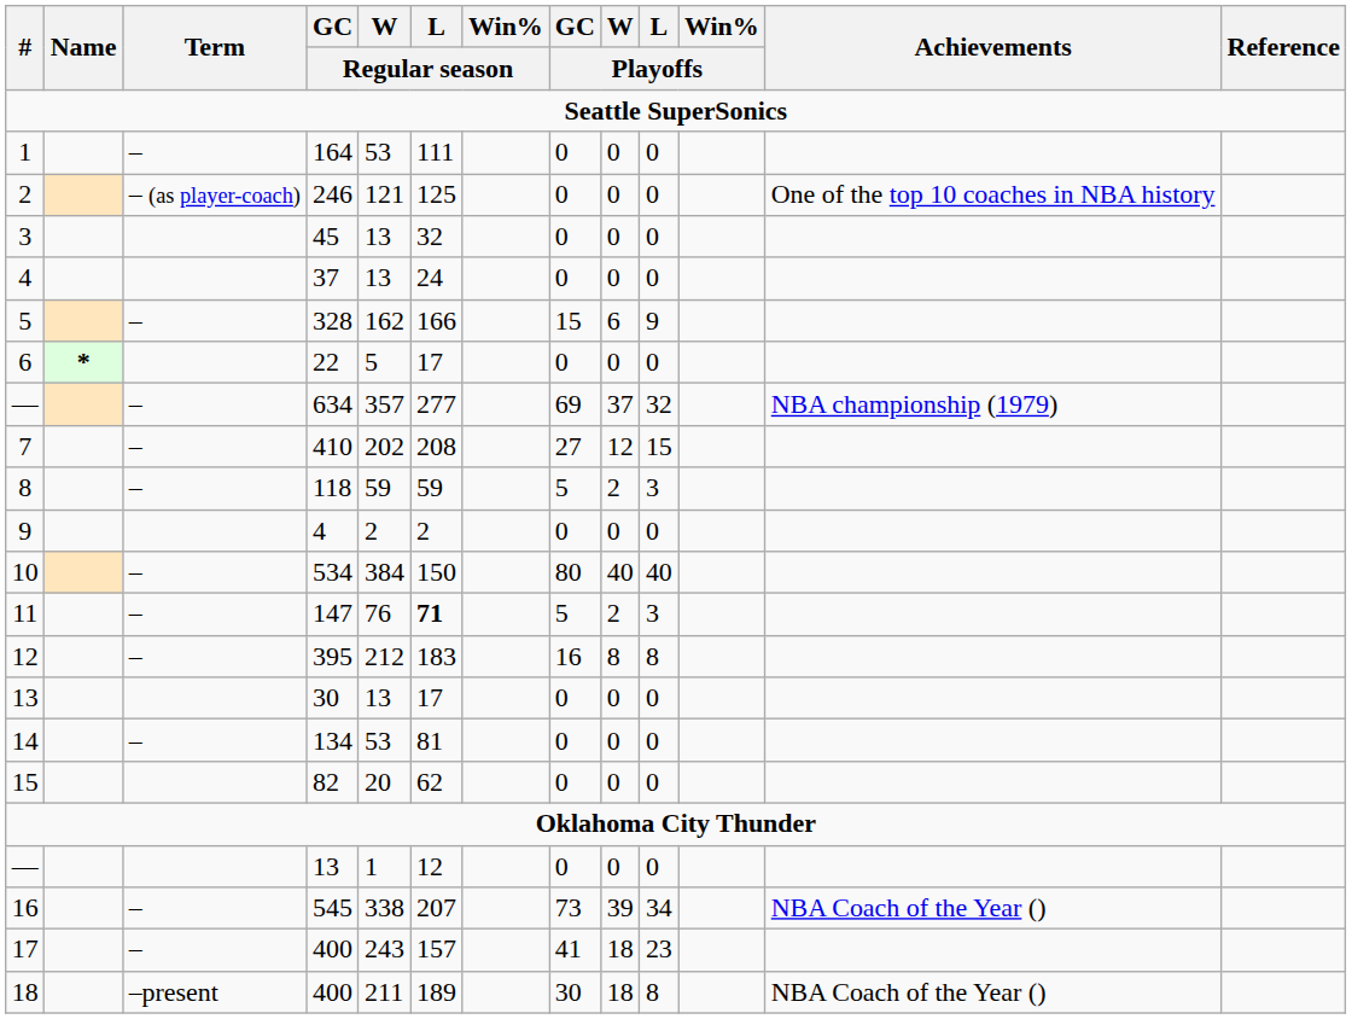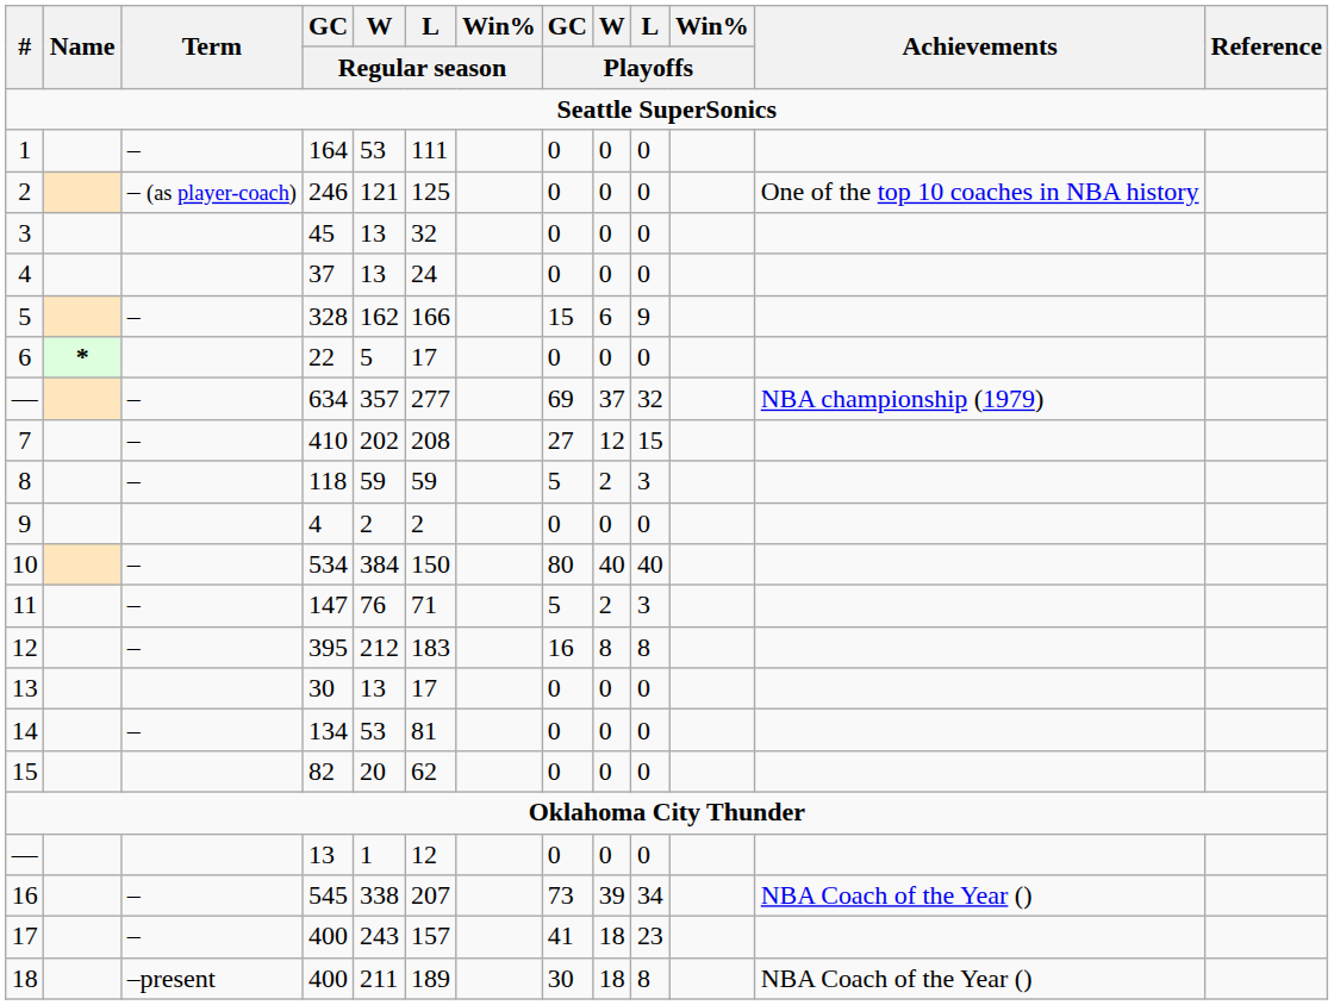 <table class="wikitable plainrowheaders sortable" summary="# (sortable), Name (sortable), Term (sortable), Regular season games coached (sortable), Regular season wins (sortable), Regular season losses (sortable), Regular season winning percentage (sortable), Playoffs games coached (sortable), Playoffs wins (sortable), Playoffs losses (sortable), Playoffs winning percentage (sortable), Achievements and Reference">
 <tr>
 <th scope="col" rowspan="2">#</th>
 <th scope="col" rowspan="2">Name</th>
 <th scope="col" rowspan="2">Term</th>
 <th scope="col">GC</th>
 <th scope="col">W</th>
 <th scope="col">L</th>
 <th scope="col">Win%</th>
 <th scope="col" data-sort-type="number">GC</th>
 <th scope="col" data-sort-type="number">W</th>
 <th scope="col" data-sort-type="number">L</th>
 <th scope="col" data-sort-type="number">Win%</th>
 <th scope="col" rowspan="2" class=unsortable>Achievements</th>
 <th scope="col" rowspan="2" class=unsortable>Reference</th>
 </tr>
 <tr class="unsortable">
 <th scope="col" colspan="4">Regular season</th>
 <th scope="col" colspan="4">Playoffs</th>
 </tr>
 <tr>
 <td align="center" colspan="16"><strong>Seattle SuperSonics</strong></td>
 </tr>
 <tr>
 <td align=center>1</td>
 <th scope="row" style="background-color:transparent;"></th>
 <td>–</td>
 <td>164</td>
 <td>53</td>
 <td>111</td>
 <td></td>
 <td>0</td>
 <td>0</td>
 <td>0</td>
 <td></td>
 <td></td>
 <td align=center></td>
 </tr>
 <tr>
 <td align=center>2</td>
 <th scope="row" style="background-color:#FFE6BD"></th>
 <td>– <small>(as <a href='#'>player-coach</a>)</small></td>
 <td>246</td>
 <td>121</td>
 <td>125</td>
 <td></td>
 <td>0</td>
 <td>0</td>
 <td>0</td>
 <td></td>
 <td>One of the <a href='#'>top 10 coaches in NBA history</a></td>
 <td align=center></td>
 </tr>
 <tr>
 <td align=center>3</td>
 <th scope="row" style="background-color:transparent;"></th>
 <td></td>
 <td>45</td>
 <td>13</td>
 <td>32</td>
 <td></td>
 <td>0</td>
 <td>0</td>
 <td>0</td>
 <td></td>
 <td></td>
 <td align=center></td>
 </tr>
 <tr>
 <td align=center>4</td>
 <th scope="row" style="background-color:transparent;"></th>
 <td></td>
 <td>37</td>
 <td>13</td>
 <td>24</td>
 <td></td>
 <td>0</td>
 <td>0</td>
 <td>0</td>
 <td></td>
 <td></td>
 <td align=center></td>
 </tr>
 <tr>
 <td align=center>5</td>
 <th scope="row" style="background-color:#FFE6BD"></th>
 <td>–</td>
 <td>328</td>
 <td>162</td>
 <td>166</td>
 <td></td>
 <td>15</td>
 <td>6</td>
 <td>9</td>
 <td></td>
 <td></td>
 <td align=center></td>
 </tr>
 <tr>
 <td align=center>6</td>
 <th scope="row" style="background-color:#ddffdd">*</th>
 <td></td>
 <td>22</td>
 <td>5</td>
 <td>17</td>
 <td></td>
 <td>0</td>
 <td>0</td>
 <td>0</td>
 <td></td>
 <td></td>
 <td align=center></td>
 </tr>
 <tr>
 <td align=center>—</td>
 <th scope="row" style="background-color:#FFE6BD"></th>
 <td>–</td>
 <td>634</td>
 <td>357</td>
 <td>277</td>
 <td></td>
 <td>69</td>
 <td>37</td>
 <td>32</td>
 <td></td>
 <td><a href='#'>NBA championship</a> (<a href='#'>1979</a>)</td>
 <td align=center></td>
 </tr>
 <tr>
 <td align=center>7</td>
 <th scope="row" style="background-color:transparent;"></th>
 <td>–</td>
 <td>410</td>
 <td>202</td>
 <td>208</td>
 <td></td>
 <td>27</td>
 <td>12</td>
 <td>15</td>
 <td></td>
 <td></td>
 <td align=center></td>
 </tr>
 <tr>
 <td align=center>8</td>
 <th scope="row" style="background-color:transparent;"></th>
 <td>–</td>
 <td>118</td>
 <td>59</td>
 <td>59</td>
 <td></td>
 <td>5</td>
 <td>2</td>
 <td>3</td>
 <td></td>
 <td></td>
 <td align=center></td>
 </tr>
 <tr>
 <td align=center>9</td>
 <th scope="row" style="background-color:transparent;"></th>
 <td></td>
 <td>4</td>
 <td>2</td>
 <td>2</td>
 <td></td>
 <td>0</td>
 <td>0</td>
 <td>0</td>
 <td></td>
 <td></td>
 <td align=center></td>
 </tr>
 <tr>
 <td align=center>10</td>
 <th scope="row" style="background-color:#FFE6BD"></th>
 <td>–</td>
 <td>534</td>
 <td>384</td>
 <td>150</td>
 <td></td>
 <td>80</td>
 <td>40</td>
 <td>40</td>
 <td></td>
 <td></td>
 <td align=center></td>
 </tr>
 <tr>
 <td align=center>11</td>
 <th scope="row" style="background-color:transparent;"></th>
 <td>–</td>
 <td>147</td>
 <td>76</td>
-<td><strong>71</strong></td>
+<td>71</td>
 <td></td>
 <td>5</td>
 <td>2</td>
 <td>3</td>
 <td></td>
 <td></td>
 <td align=center></td>
 </tr>
 <tr>
 <td align=center>12</td>
 <th scope="row" style="background-color:transparent;"></th>
 <td>–</td>
 <td>395</td>
 <td>212</td>
 <td>183</td>
 <td></td>
 <td>16</td>
 <td>8</td>
 <td>8</td>
 <td></td>
 <td></td>
 <td align=center></td>
 </tr>
 <tr>
 <td align=center>13</td>
 <th scope="row" style="background-color:transparent;"></th>
 <td></td>
 <td>30</td>
 <td>13</td>
 <td>17</td>
 <td></td>
 <td>0</td>
 <td>0</td>
 <td>0</td>
 <td></td>
 <td></td>
 <td align=center></td>
 </tr>
 <tr>
 <td align=center>14</td>
 <th scope="row" style="background-color:transparent;"></th>
 <td>–</td>
 <td>134</td>
 <td>53</td>
 <td>81</td>
 <td></td>
 <td>0</td>
 <td>0</td>
 <td>0</td>
 <td></td>
 <td></td>
 <td align=center></td>
 </tr>
 <tr>
 <td align=center>15</td>
 <th scope="row" style="background-color:transparent;"></th>
 <td></td>
 <td>82</td>
 <td>20</td>
 <td>62</td>
 <td></td>
 <td>0</td>
 <td>0</td>
 <td>0</td>
 <td></td>
 <td></td>
 <td align=center></td>
 </tr>
 <tr>
 <td align="center" colspan="16"><strong>Oklahoma City Thunder</strong></td>
 </tr>
 <tr>
 <td align=center>—</td>
 <th scope="row" style="background-color:transparent;"></th>
 <td></td>
 <td>13</td>
 <td>1</td>
 <td>12</td>
 <td></td>
 <td>0</td>
 <td>0</td>
 <td>0</td>
 <td></td>
 <td></td>
 <td align=center></td>
 </tr>
 <tr>
 <td align=center>16</td>
 <th scope="row" style="background-color:transparent;"></th>
 <td>–</td>
 <td>545</td>
 <td>338</td>
 <td>207</td>
 <td></td>
 <td>73</td>
 <td>39</td>
 <td>34</td>
 <td></td>
 <td><a href='#'>NBA Coach of the Year</a> ()</td>
 <td align=center></td>
 </tr>
 <tr>
 <td align=center>17</td>
 <th scope="row" style="background-color:transparent"></th>
 <td>–</td>
 <td>400</td>
 <td>243</td>
 <td>157</td>
 <td></td>
 <td>41</td>
 <td>18</td>
 <td>23</td>
 <td></td>
 <td></td>
 <td align=center></td>
 </tr>
 <tr>
 <td align=center>18</td>
 <th scope="row" style="background-color:transparent"></th>
 <td>–present</td>
 <td>400</td>
 <td>211</td>
 <td>189</td>
 <td></td>
 <td>30</td>
 <td>18</td>
 <td>8</td>
 <td></td>
 <td>NBA Coach of the Year ()</td>
 <td align=center></td>
 </tr>
 </table>
